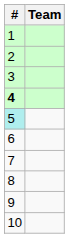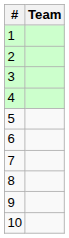 <table class="wikitable">
 <tr>
 <th>#</th>
 <th>Team</th>
 </tr>
 <tr bgcolor=CCFFCC>
 <td>1</td>
 <td></td>
 </tr>
 <tr bgcolor=CCFFCC>
 <td>2</td>
 <td></td>
 </tr>
 <tr bgcolor=CCFFCC>
 <td>3</td>
 <td></td>
 </tr>
 <tr bgcolor=CCFFCC>
-<td><strong>4</strong></td>
+<td>4</td>
 <td></td>
 </tr>
 <tr>
-<td style="background: paleturquoise;">5</td>
+<td>5</td>
 <td></td>
 </tr>
 <tr>
 <td>6</td>
 <td></td>
 </tr>
 <tr>
 <td>7</td>
 <td></td>
 </tr>
 <tr>
 <td>8</td>
 <td></td>
 </tr>
 <tr>
 <td>9</td>
 <td><strong></strong></td>
 </tr>
 <tr>
 <td>10</td>
 <td></td>
 </tr>
 </table>
